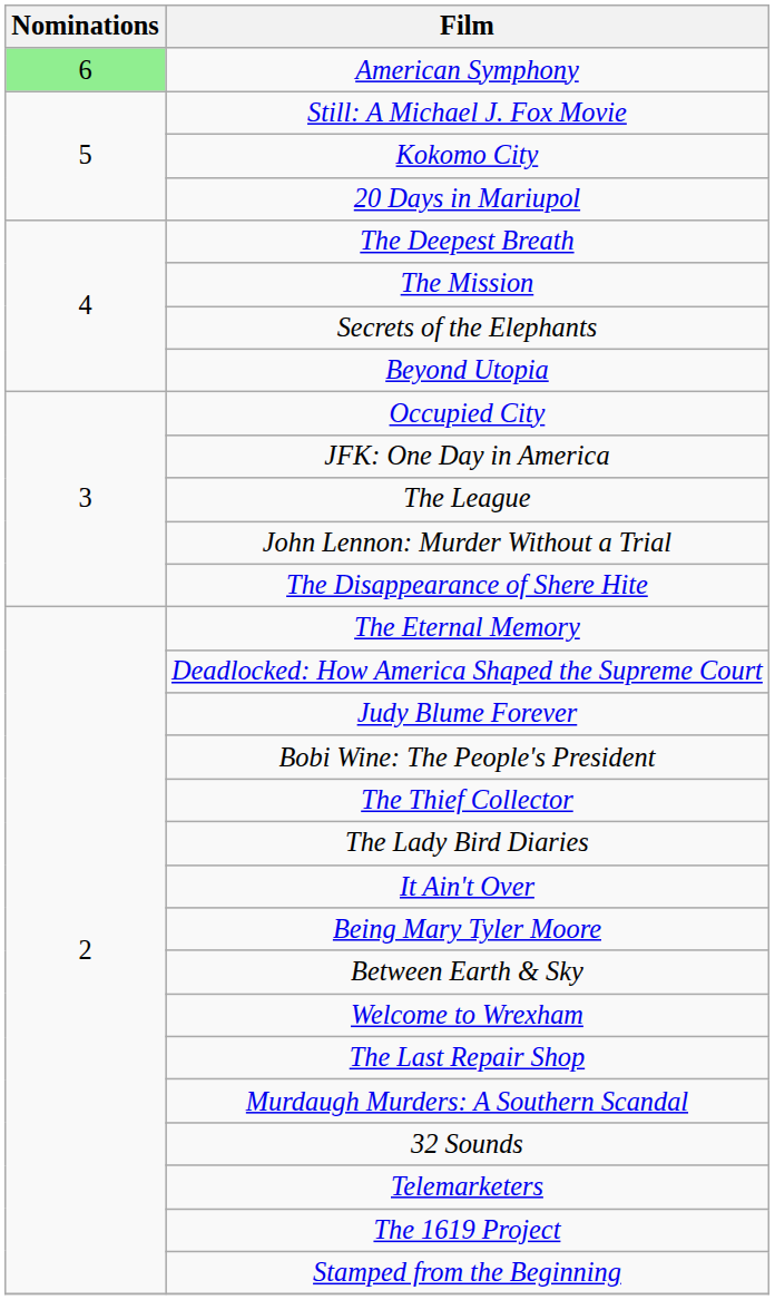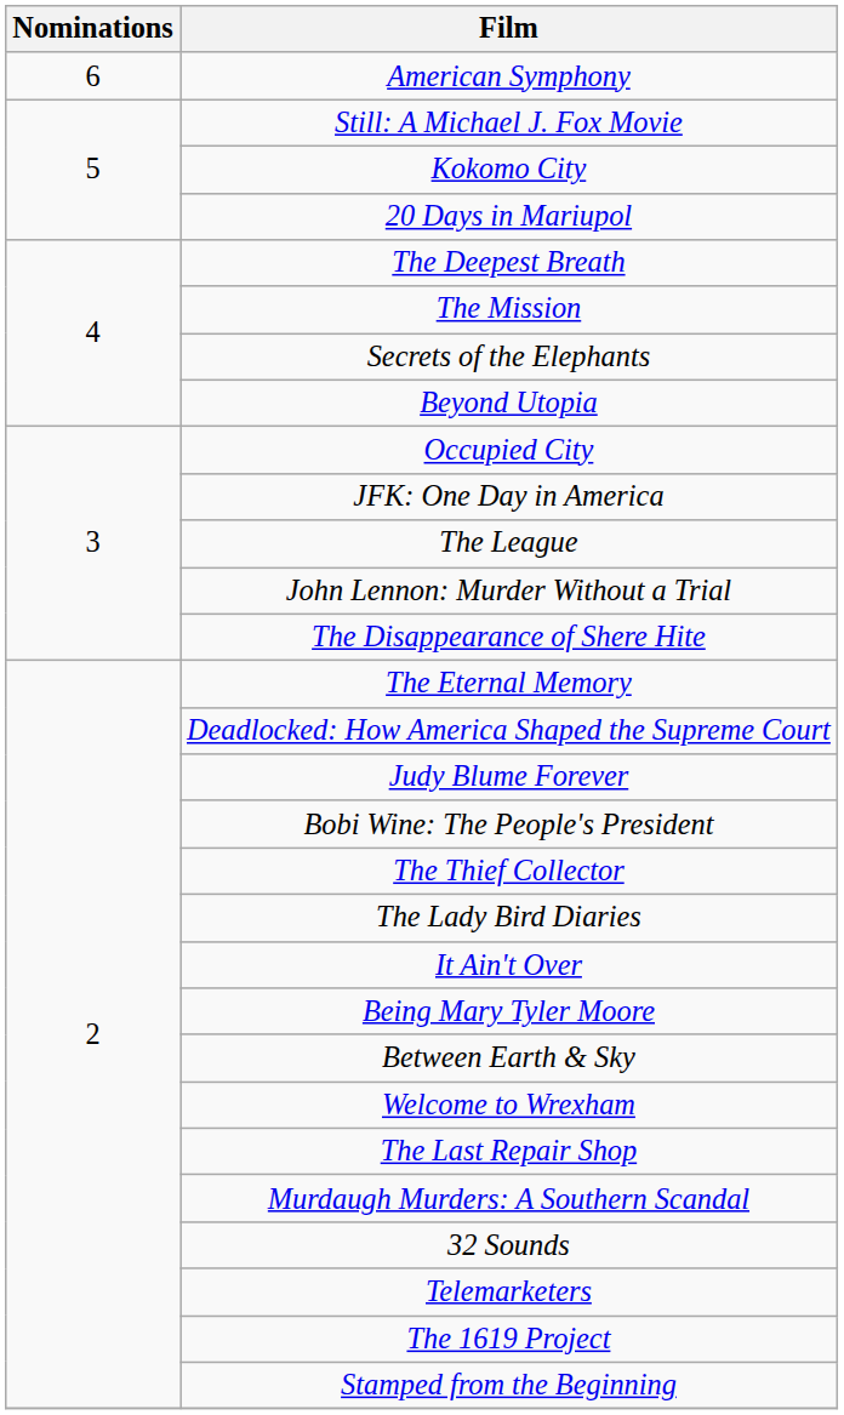 <table class="wikitable plainrowheaders" style="text-align: center;">
 <tr>
 <th scope="col" style="width:55px;">Nominations</th>
 <th scope="col" style="text-align:center;">Film</th>
 </tr>
 <tr>
-<td style="background: lightgreen;">6</td>
+<td>6</td>
 <td><em><a href='#'>American Symphony</a></em></td>
 </tr>
 <tr>
 <td rowspan="3">5</td>
 <td><em><a href='#'>Still: A Michael J. Fox Movie</a></em></td>
 </tr>
 <tr>
 <td><em><a href='#'>Kokomo City</a></em></td>
 </tr>
 <tr>
 <td><em><a href='#'>20 Days in Mariupol</a></em></td>
 </tr>
 <tr>
 <td rowspan="4">4</td>
 <td><em><a href='#'>The Deepest Breath</a></em></td>
 </tr>
 <tr>
 <td><em><a href='#'>The Mission</a></em></td>
 </tr>
 <tr>
 <td><em>Secrets of the Elephants</em></td>
 </tr>
 <tr>
 <td><em><a href='#'>Beyond Utopia</a></em></td>
 </tr>
 <tr>
 <td rowspan="5">3</td>
 <td><em><a href='#'>Occupied City</a></em></td>
 </tr>
 <tr>
 <td><em>JFK: One Day in America</em></td>
 </tr>
 <tr>
 <td><em>The League</em></td>
 </tr>
 <tr>
 <td><em>John Lennon: Murder Without a Trial</em></td>
 </tr>
 <tr>
 <td><em><a href='#'>The Disappearance of Shere Hite</a></em></td>
 </tr>
 <tr>
 <td rowspan="16">2</td>
 <td><em><a href='#'>The Eternal Memory</a></em></td>
 </tr>
 <tr>
 <td><em><a href='#'>Deadlocked: How America Shaped the Supreme Court</a></em></td>
 </tr>
 <tr>
 <td><em><a href='#'>Judy Blume Forever</a></em></td>
 </tr>
 <tr>
 <td><em>Bobi Wine: The People's President</em></td>
 </tr>
 <tr>
 <td><em><a href='#'>The Thief Collector</a></em></td>
 </tr>
 <tr>
 <td><em>The Lady Bird Diaries</em></td>
 </tr>
 <tr>
 <td><em><a href='#'>It Ain't Over</a></em></td>
 </tr>
 <tr>
 <td><em><a href='#'>Being Mary Tyler Moore</a></em></td>
 </tr>
 <tr>
 <td><em>Between Earth & Sky</em></td>
 </tr>
 <tr>
 <td><em><a href='#'>Welcome to Wrexham</a></em></td>
 </tr>
 <tr>
 <td><em><a href='#'>The Last Repair Shop</a></em></td>
 </tr>
 <tr>
 <td><em><a href='#'>Murdaugh Murders: A Southern Scandal</a></em></td>
 </tr>
 <tr>
 <td><em>32 Sounds</em></td>
 </tr>
 <tr>
 <td><em><a href='#'>Telemarketers</a></em></td>
 </tr>
 <tr>
 <td><em><a href='#'>The 1619 Project</a></em></td>
 </tr>
 <tr>
 <td><em><a href='#'>Stamped from the Beginning</a></em></td>
 </tr>
 <tr>
 </tr>
 </table>
